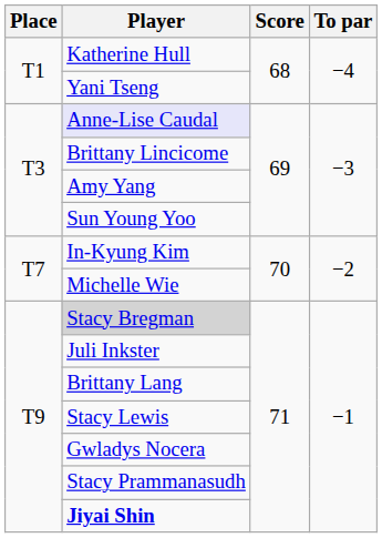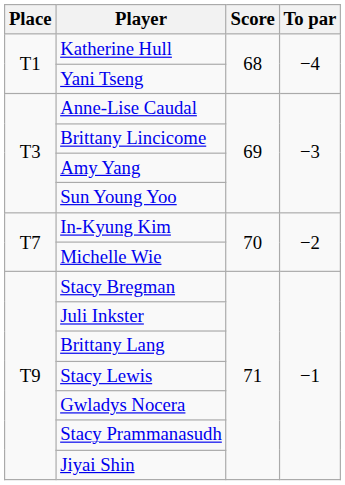 <table class="wikitable">
 <tr>
 <th>Place</th>
 <th>Player</th>
 <th>Score</th>
 <th>To par</th>
 </tr>
 <tr>
 <td rowspan="2" align=center>T1</td>
 <td> <a href='#'>Katherine Hull</a></td>
 <td rowspan="2" align=center>68</td>
 <td rowspan="2" align=center>−4</td>
 </tr>
 <tr>
 <td> <a href='#'>Yani Tseng</a></td>
 </tr>
 <tr>
 <td rowspan="4" align=center>T3</td>
-<td style="background: lavender;"> <a href='#'>Anne-Lise Caudal</a></td>
+<td> <a href='#'>Anne-Lise Caudal</a></td>
 <td rowspan="4" align=center>69</td>
 <td rowspan="4" align=center>−3</td>
 </tr>
 <tr>
 <td> <a href='#'>Brittany Lincicome</a></td>
 </tr>
 <tr>
 <td> <a href='#'>Amy Yang</a></td>
 </tr>
 <tr>
 <td> <a href='#'>Sun Young Yoo</a></td>
 </tr>
 <tr>
 <td rowspan="2" align=center>T7</td>
 <td> <a href='#'>In-Kyung Kim</a></td>
 <td rowspan="2" align=center>70</td>
 <td rowspan="2" align=center>−2</td>
 </tr>
 <tr>
 <td> <a href='#'>Michelle Wie</a></td>
 </tr>
 <tr>
 <td rowspan="7" align=center>T9</td>
-<td style="background: lightgrey;"> <a href='#'>Stacy Bregman</a></td>
+<td> <a href='#'>Stacy Bregman</a></td>
 <td rowspan="7" align=center>71</td>
 <td rowspan="7" align=center>−1</td>
 </tr>
 <tr>
 <td> <a href='#'>Juli Inkster</a></td>
 </tr>
 <tr>
 <td> <a href='#'>Brittany Lang</a></td>
 </tr>
 <tr>
 <td> <a href='#'>Stacy Lewis</a></td>
 </tr>
 <tr>
 <td> <a href='#'>Gwladys Nocera</a></td>
 </tr>
 <tr>
 <td> <a href='#'>Stacy Prammanasudh</a></td>
 </tr>
 <tr>
-<td><strong> <a href='#'>Jiyai Shin</a></strong></td>
+<td> <a href='#'>Jiyai Shin</a></td>
 </tr>
 </table>
